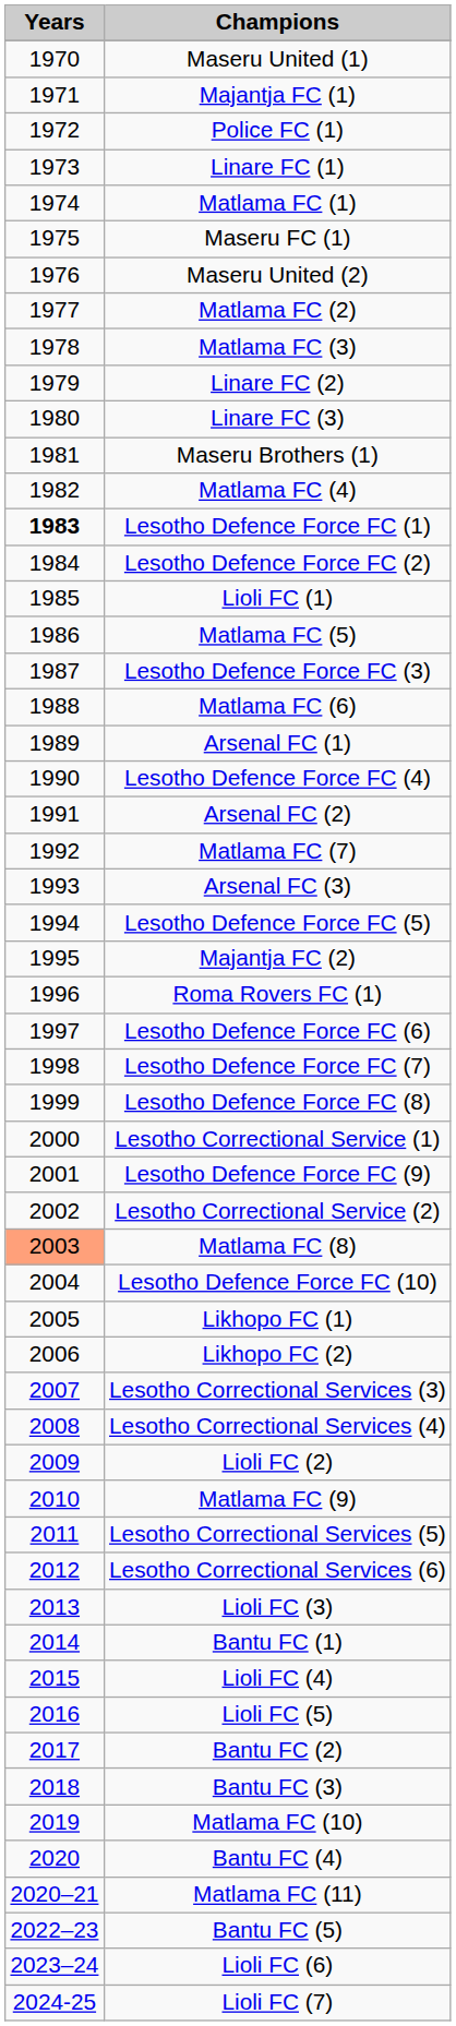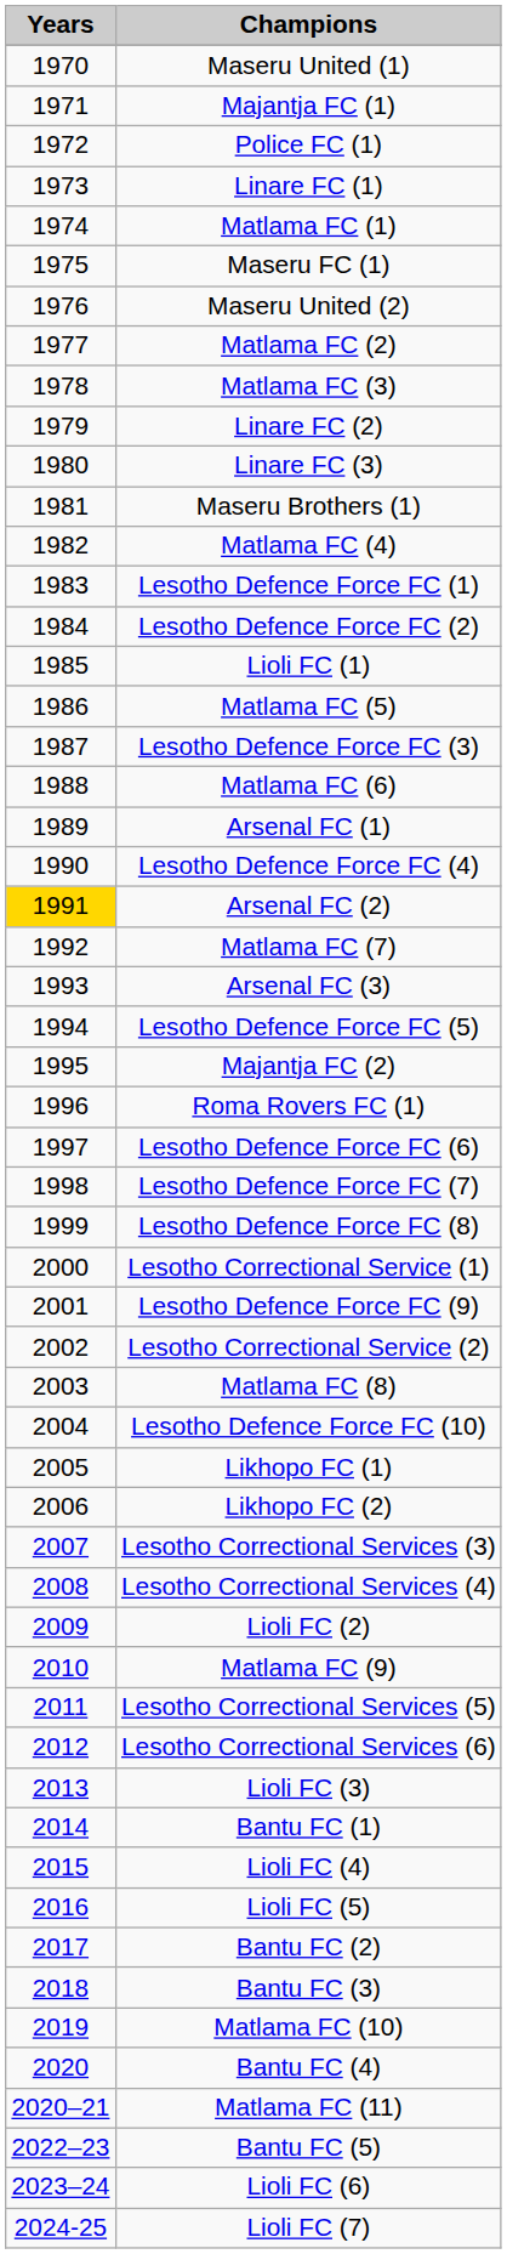 <table class="wikitable" style="text-align: center;">
 <tr bgcolor="#CCCCCC">
 <td><strong>Years</strong></td>
 <td><strong>Champions</strong></td>
 </tr>
 <tr bgcolor="#EFEFEF">
 </tr>
 <tr>
 <td>1970</td>
 <td>Maseru United (1)</td>
 </tr>
 <tr>
 <td>1971</td>
 <td><a href='#'>Majantja FC</a> (1)</td>
 </tr>
 <tr>
 <td>1972</td>
 <td><a href='#'>Police FC</a> (1)</td>
 </tr>
 <tr>
 <td>1973</td>
 <td><a href='#'>Linare FC</a> (1)</td>
 </tr>
 <tr>
 <td>1974</td>
 <td><a href='#'>Matlama FC</a> (1)</td>
 </tr>
 <tr>
 <td>1975</td>
 <td>Maseru FC (1)</td>
 </tr>
 <tr>
 <td>1976</td>
 <td>Maseru United (2)</td>
 </tr>
 <tr>
 <td>1977</td>
 <td><a href='#'>Matlama FC</a> (2)</td>
 </tr>
 <tr>
 <td>1978</td>
 <td><a href='#'>Matlama FC</a> (3)</td>
 </tr>
 <tr>
 <td>1979</td>
 <td><a href='#'>Linare FC</a> (2)</td>
 </tr>
 <tr>
 <td>1980</td>
 <td><a href='#'>Linare FC</a> (3)</td>
 </tr>
 <tr>
 <td>1981</td>
 <td>Maseru Brothers (1)</td>
 </tr>
 <tr>
 <td>1982</td>
 <td><a href='#'>Matlama FC</a> (4)</td>
 </tr>
 <tr>
-<td><strong>1983</strong></td>
+<td>1983</td>
 <td><a href='#'>Lesotho Defence Force FC</a> (1)</td>
 </tr>
 <tr>
 <td>1984</td>
 <td><a href='#'>Lesotho Defence Force FC</a> (2)</td>
 </tr>
 <tr>
 <td>1985</td>
 <td><a href='#'>Lioli FC</a> (1)</td>
 </tr>
 <tr>
 <td>1986</td>
 <td><a href='#'>Matlama FC</a> (5)</td>
 </tr>
 <tr>
 <td>1987</td>
 <td><a href='#'>Lesotho Defence Force FC</a> (3)</td>
 </tr>
 <tr>
 <td>1988</td>
 <td><a href='#'>Matlama FC</a> (6)</td>
 </tr>
 <tr>
 <td>1989</td>
 <td><a href='#'>Arsenal FC</a> (1)</td>
 </tr>
 <tr>
 <td>1990</td>
 <td><a href='#'>Lesotho Defence Force FC</a> (4)</td>
 </tr>
 <tr>
-<td>1991</td>
+<td style="background: gold;">1991</td>
 <td><a href='#'>Arsenal FC</a> (2)</td>
 </tr>
 <tr>
 <td>1992</td>
 <td><a href='#'>Matlama FC</a> (7)</td>
 </tr>
 <tr>
 <td>1993</td>
 <td><a href='#'>Arsenal FC</a> (3)</td>
 </tr>
 <tr>
 <td>1994</td>
 <td><a href='#'>Lesotho Defence Force FC</a> (5)</td>
 </tr>
 <tr>
 <td>1995</td>
 <td><a href='#'>Majantja FC</a> (2)</td>
 </tr>
 <tr>
 <td>1996</td>
 <td><a href='#'>Roma Rovers FC</a> (1)</td>
 </tr>
 <tr>
 <td>1997</td>
 <td><a href='#'>Lesotho Defence Force FC</a> (6)</td>
 </tr>
 <tr>
 <td>1998</td>
 <td><a href='#'>Lesotho Defence Force FC</a> (7)</td>
 </tr>
 <tr>
 <td>1999</td>
 <td><a href='#'>Lesotho Defence Force FC</a> (8)</td>
 </tr>
 <tr>
 <td>2000</td>
 <td><a href='#'>Lesotho Correctional Service</a> (1)</td>
 </tr>
 <tr>
 <td>2001</td>
 <td><a href='#'>Lesotho Defence Force FC</a> (9)</td>
 </tr>
 <tr>
 <td>2002</td>
 <td><a href='#'>Lesotho Correctional Service</a> (2)</td>
 </tr>
 <tr>
-<td style="background: lightsalmon;">2003</td>
+<td>2003</td>
 <td><a href='#'>Matlama FC</a> (8)</td>
 </tr>
 <tr>
 <td>2004</td>
 <td><a href='#'>Lesotho Defence Force FC</a> (10)</td>
 </tr>
 <tr>
 <td>2005</td>
 <td><a href='#'>Likhopo FC</a> (1)</td>
 </tr>
 <tr>
 <td>2006</td>
 <td><a href='#'>Likhopo FC</a> (2)</td>
 </tr>
 <tr>
 <td><a href='#'>2007</a></td>
 <td><a href='#'>Lesotho Correctional Services</a> (3)</td>
 </tr>
 <tr>
 <td><a href='#'>2008</a></td>
 <td><a href='#'>Lesotho Correctional Services</a> (4)</td>
 </tr>
 <tr>
 <td><a href='#'>2009</a></td>
 <td><a href='#'>Lioli FC</a> (2)</td>
 </tr>
 <tr>
 <td><a href='#'>2010</a></td>
 <td><a href='#'>Matlama FC</a> (9)</td>
 </tr>
 <tr>
 <td><a href='#'>2011</a></td>
 <td><a href='#'>Lesotho Correctional Services</a> (5)</td>
 </tr>
 <tr>
 <td><a href='#'>2012</a></td>
 <td><a href='#'>Lesotho Correctional Services</a> (6)</td>
 </tr>
 <tr>
 <td><a href='#'>2013</a></td>
 <td><a href='#'>Lioli FC</a> (3)</td>
 </tr>
 <tr>
 <td><a href='#'>2014</a></td>
 <td><a href='#'>Bantu FC</a> (1)</td>
 </tr>
 <tr>
 <td><a href='#'>2015</a></td>
 <td><a href='#'>Lioli FC</a> (4)</td>
 </tr>
 <tr>
 <td><a href='#'>2016</a></td>
 <td><a href='#'>Lioli FC</a> (5)</td>
 </tr>
 <tr>
 <td><a href='#'>2017</a></td>
 <td><a href='#'>Bantu FC</a> (2)</td>
 </tr>
 <tr>
 <td><a href='#'>2018</a></td>
 <td><a href='#'>Bantu FC</a> (3)</td>
 </tr>
 <tr>
 <td><a href='#'>2019</a></td>
 <td><a href='#'>Matlama FC</a> (10)</td>
 </tr>
 <tr>
 <td><a href='#'>2020</a></td>
 <td><a href='#'>Bantu FC</a> (4)</td>
 </tr>
 <tr>
 <td><a href='#'>2020–21</a></td>
 <td><a href='#'>Matlama FC</a> (11)</td>
 </tr>
 <tr>
 <td><a href='#'>2022–23</a></td>
 <td><a href='#'>Bantu FC</a> (5)</td>
 </tr>
 <tr>
 <td><a href='#'>2023–24</a></td>
 <td><a href='#'>Lioli FC</a> (6)</td>
 </tr>
 <tr>
 <td><a href='#'>2024-25</a></td>
 <td><a href='#'>Lioli FC</a> (7)</td>
 </tr>
 </table>
